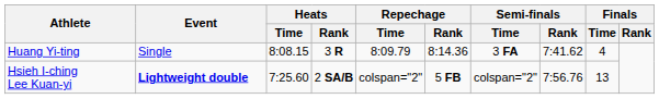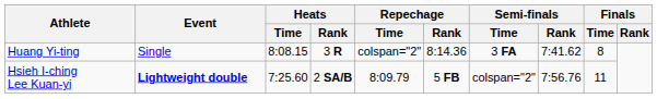 <table class="wikitable" style="font-size:90%; text-align:center">
 <tr>
 <th rowspan="2" width="150">Athlete</th>
 <th rowspan="2" width="150">Event</th>
 <th colspan="2">Heats</th>
 <th colspan="2">Repechage</th>
 <th colspan="2">Semi-finals</th>
 <th colspan="2">Finals</th>
 </tr>
 <tr>
 <th>Time</th>
 <th>Rank</th>
 <th>Time</th>
 <th>Rank</th>
 <th>Time</th>
 <th>Rank</th>
 <th>Time</th>
 <th>Rank</th>
 </tr>
 <tr>
 <td align="left"><a href='#'>Huang Yi-ting</a></td>
 <td align="left"><a href='#'>Single</a></td>
 <td>8:08.15</td>
 <td>3 <strong>R</strong></td>
-<td>8:09.79</td>
+<td>colspan="2" </td>
 <td>8:14.36</td>
 <td>3 <strong>FA</strong></td>
 <td>7:41.62</td>
-<td>4</td>
+<td>8</td>
 </tr>
 <tr>
 <td align="left"><a href='#'>Hsieh I-ching</a><br><a href='#'>Lee Kuan-yi</a></td>
 <td align="left"><strong><a href='#'>Lightweight double</a></strong></td>
 <td>7:25.60</td>
 <td>2 <strong>SA/B</strong></td>
-<td>colspan="2" </td>
+<td>8:09.79</td>
 <td>5 <strong>FB</strong></td>
 <td>colspan="2" </td>
 <td>7:56.76</td>
-<td>13</td>
+<td>11</td>
 </tr>
 </table>
